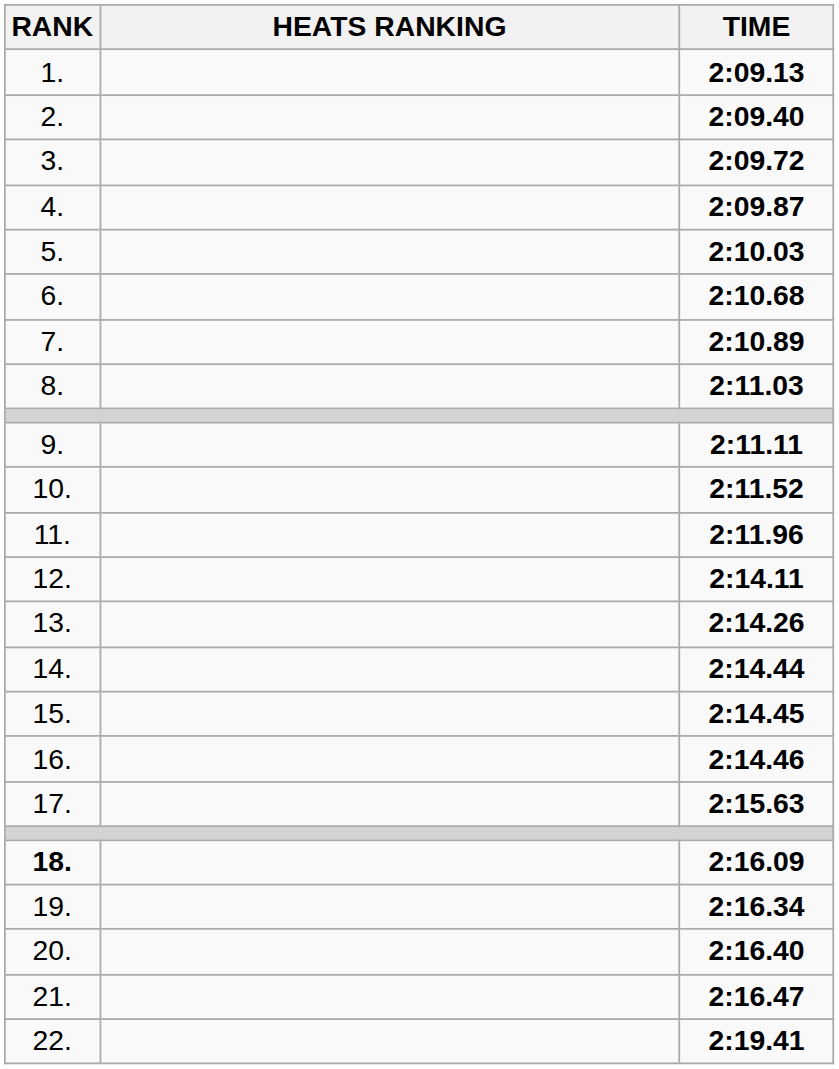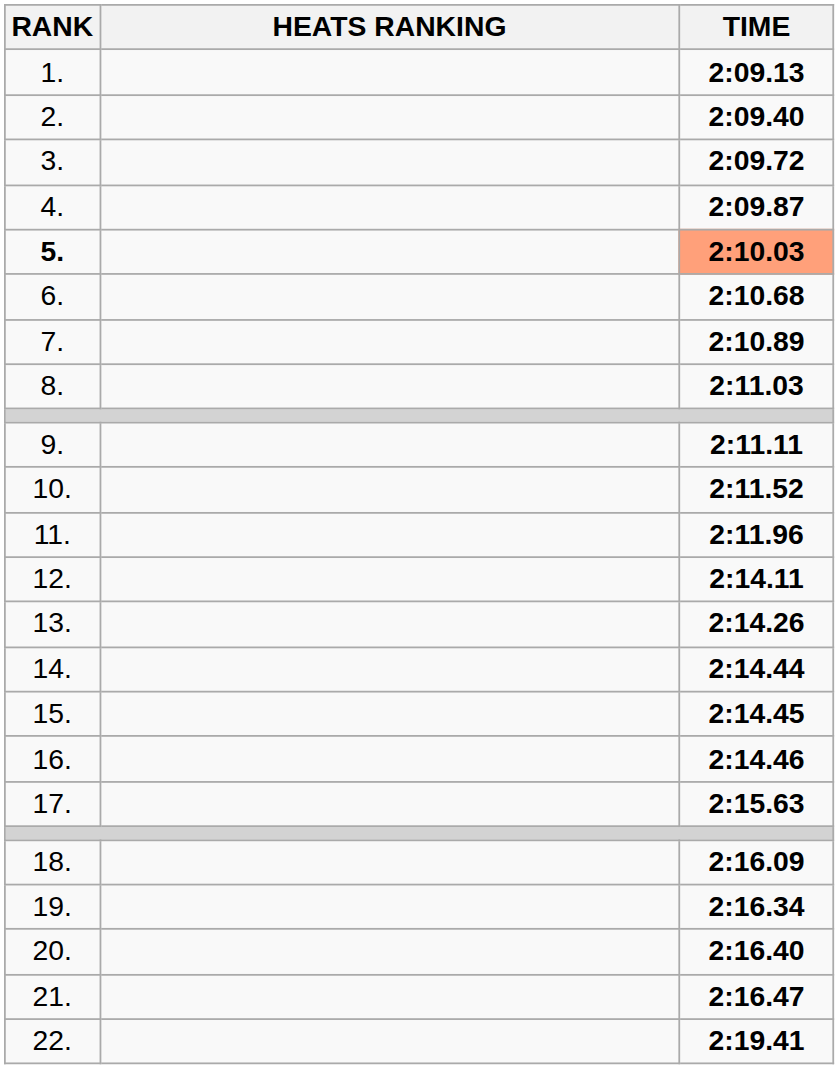 <table class="wikitable">
 <tr>
 <th>RANK</th>
 <th style="width: 20em">HEATS RANKING</th>
 <th style="width: 5em">TIME</th>
 </tr>
 <tr>
 <td align="center">1.</td>
 <td></td>
 <td align="center"><strong>2:09.13</strong></td>
 </tr>
 <tr>
 <td align="center">2.</td>
 <td></td>
 <td align="center"><strong>2:09.40</strong></td>
 </tr>
 <tr>
 <td align="center">3.</td>
 <td></td>
 <td align="center"><strong>2:09.72</strong></td>
 </tr>
 <tr>
 <td align="center">4.</td>
 <td></td>
 <td align="center"><strong>2:09.87</strong></td>
 </tr>
 <tr>
-<td align="center">5.</td>
+<td align="center"><strong>5.</strong></td>
 <td></td>
-<td align="center"><strong>2:10.03</strong></td>
+<td align="center" style="background: lightsalmon;"><strong>2:10.03</strong></td>
 </tr>
 <tr>
 <td align="center">6.</td>
 <td></td>
 <td align="center"><strong>2:10.68</strong></td>
 </tr>
 <tr>
 <td align="center">7.</td>
 <td></td>
 <td align="center"><strong>2:10.89</strong></td>
 </tr>
 <tr>
 <td align="center">8.</td>
 <td></td>
 <td align="center"><strong>2:11.03</strong></td>
 </tr>
 <tr>
 <td colspan=3 bgcolor=lightgray></td>
 </tr>
 <tr>
 <td align="center">9.</td>
 <td></td>
 <td align="center"><strong>2:11.11</strong></td>
 </tr>
 <tr>
 <td align="center">10.</td>
 <td></td>
 <td align="center"><strong>2:11.52</strong></td>
 </tr>
 <tr>
 <td align="center">11.</td>
 <td> </td>
 <td align="center"><strong>2:11.96</strong></td>
 </tr>
 <tr>
 <td align="center">12.</td>
 <td></td>
 <td align="center"><strong>2:14.11</strong></td>
 </tr>
 <tr>
 <td align="center">13.</td>
 <td></td>
 <td align="center"><strong>2:14.26</strong></td>
 </tr>
 <tr>
 <td align="center">14.</td>
 <td></td>
 <td align="center"><strong>2:14.44</strong></td>
 </tr>
 <tr>
 <td align="center">15.</td>
 <td></td>
 <td align="center"><strong>2:14.45</strong></td>
 </tr>
 <tr>
 <td align="center">16.</td>
 <td></td>
 <td align="center"><strong>2:14.46</strong></td>
 </tr>
 <tr>
 <td align="center">17.</td>
 <td></td>
 <td align="center"><strong>2:15.63</strong></td>
 </tr>
 <tr>
 <td colspan=3 bgcolor=lightgray></td>
 </tr>
 <tr>
-<td align="center"><strong>18.</strong></td>
+<td align="center">18.</td>
 <td></td>
 <td align="center"><strong>2:16.09</strong></td>
 </tr>
 <tr>
 <td align="center">19.</td>
 <td></td>
 <td align="center"><strong>2:16.34</strong></td>
 </tr>
 <tr>
 <td align="center">20.</td>
 <td></td>
 <td align="center"><strong>2:16.40</strong></td>
 </tr>
 <tr>
 <td align="center">21.</td>
 <td></td>
 <td align="center"><strong>2:16.47</strong></td>
 </tr>
 <tr>
 <td align="center">22.</td>
 <td></td>
 <td align="center"><strong>2:19.41</strong></td>
 </tr>
 </table>
